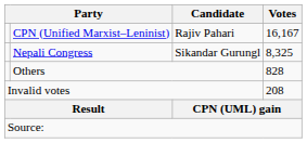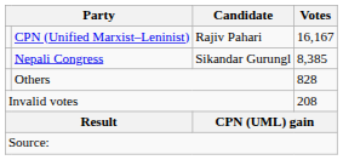 <table class="wikitable">
 <tr>
 <th colspan="2">Party</th>
 <th>Candidate</th>
 <th>Votes</th>
 </tr>
 <tr>
 <td style="background-color:"></td>
 <td><a href='#'>CPN (Unified Marxist–Leninist)</a></td>
 <td>Rajiv Pahari</td>
 <td>16,167</td>
 </tr>
 <tr>
 <td style="background-color:"></td>
 <td><a href='#'>Nepali Congress</a></td>
 <td>Sikandar Gurungl</td>
-<td>8,325</td>
+<td>8,385</td>
 </tr>
 <tr>
 <td></td>
 <td colspan="2">Others</td>
 <td>828</td>
 </tr>
 <tr>
 <td colspan="3">Invalid votes</td>
 <td>208</td>
 </tr>
 <tr>
 <th colspan="2">Result</th>
 <th colspan="2">CPN (UML) gain</th>
 </tr>
 <tr>
 <td colspan="4">Source: </td>
 </tr>
 </table>
